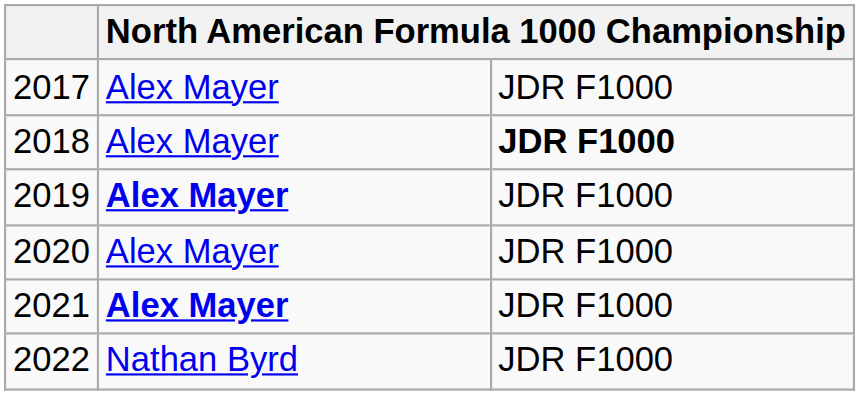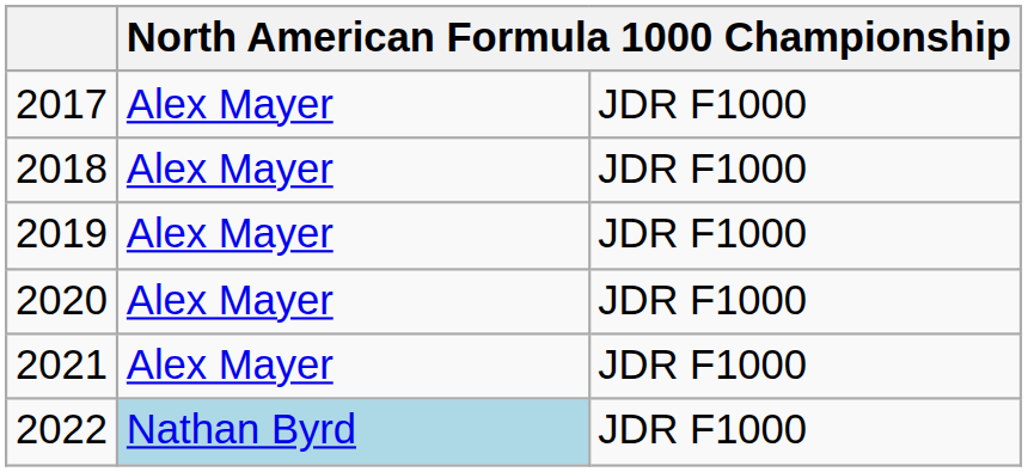 <table class="wikitable">
 <tr>
 <th></th>
 <th colspan=2>North American Formula 1000 Championship</th>
 </tr>
 <tr>
 <td>2017</td>
 <td> <a href='#'>Alex Mayer</a></td>
 <td JDR F1000>JDR F1000</td>
 </tr>
 <tr>
 <td>2018</td>
 <td> <a href='#'>Alex Mayer</a></td>
-<td JDR F1000><strong>JDR F1000</strong></td>
+<td JDR F1000>JDR F1000</td>
 </tr>
 <tr>
 <td>2019</td>
-<td><strong> <a href='#'>Alex Mayer</a></strong></td>
+<td> <a href='#'>Alex Mayer</a></td>
 <td JDR F1000>JDR F1000</td>
 </tr>
 <tr>
 <td>2020</td>
 <td> <a href='#'>Alex Mayer</a></td>
 <td JDR F1000>JDR F1000</td>
 </tr>
 <tr>
 <td>2021</td>
-<td><strong> <a href='#'>Alex Mayer</a></strong></td>
+<td> <a href='#'>Alex Mayer</a></td>
 <td JDR F1000>JDR F1000</td>
 </tr>
 <tr>
 <td>2022</td>
-<td> <a href='#'>Nathan Byrd</a></td>
+<td style="background: lightblue;"> <a href='#'>Nathan Byrd</a></td>
 <td JDR F1000>JDR F1000</td>
 </tr>
 </table>
